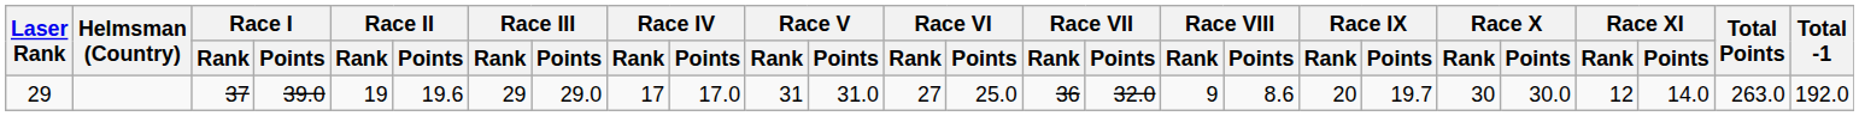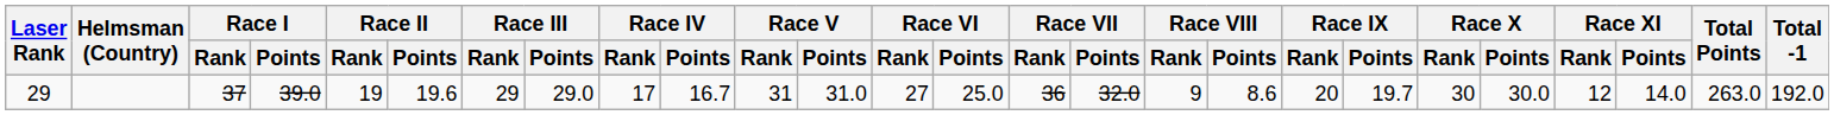 <table class="wikitable" style="text-align:right; font-size:80%">
 <tr>
 <th rowspan="2"><a href='#'>Laser</a><br>Rank</th>
 <th rowspan="2">Helmsman (Country)</th>
 <th colspan="2">Race I</th>
 <th colspan="2">Race II</th>
 <th colspan="2">Race III</th>
 <th colspan="2">Race IV</th>
 <th colspan="2">Race V</th>
 <th colspan="2">Race VI</th>
 <th colspan="2">Race VII</th>
 <th colspan="2">Race VIII</th>
 <th colspan="2">Race IX</th>
 <th colspan="2">Race X</th>
 <th colspan="2">Race XI</th>
 <th rowspan="2">Total <br>Points <br> </th>
 <th rowspan="2">Total<br>-1<br> </th>
 </tr>
 <tr>
 <th>Rank</th>
 <th>Points</th>
 <th>Rank</th>
 <th>Points</th>
 <th>Rank</th>
 <th>Points</th>
 <th>Rank</th>
 <th>Points</th>
 <th>Rank</th>
 <th>Points</th>
 <th>Rank</th>
 <th>Points</th>
 <th>Rank</th>
 <th>Points</th>
 <th>Rank</th>
 <th>Points</th>
 <th>Rank</th>
 <th>Points</th>
 <th>Rank</th>
 <th>Points</th>
 <th>Rank</th>
 <th>Points</th>
 </tr>
 <tr style="vertical-align:top;">
 <td align=center>29</td>
 <td align=left></td>
 <td><s>37</s></td>
 <td><s>39.0</s></td>
 <td>19</td>
 <td>19.6</td>
 <td>29</td>
 <td>29.0</td>
 <td>17</td>
-<td>17.0</td>
+<td>16.7</td>
 <td>31</td>
 <td>31.0</td>
 <td>27</td>
 <td>25.0</td>
 <td><s>36</s></td>
 <td><s>32.0</s></td>
 <td>9</td>
 <td>8.6</td>
 <td>20</td>
 <td>19.7</td>
 <td>30</td>
 <td>30.0</td>
 <td>12</td>
 <td>14.0</td>
 <td>263.0</td>
 <td>192.0</td>
 </tr>
 </table>
